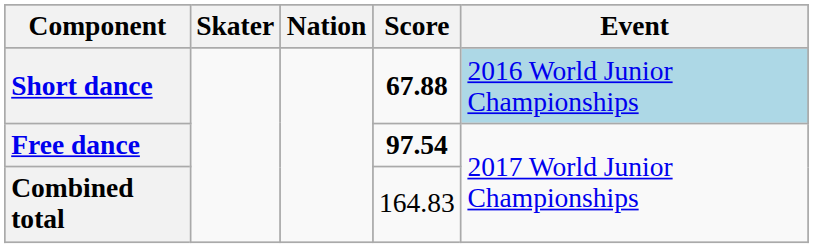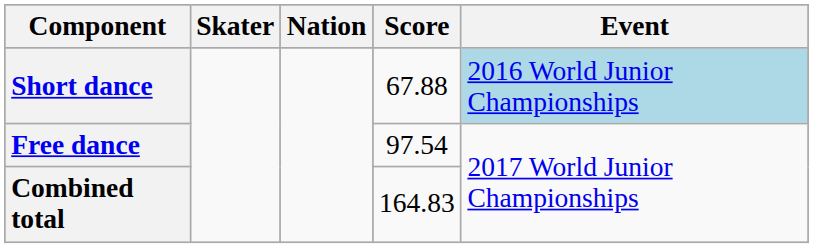 <table class="wikitable unsortable" style="text-align:left; width:75%">
 <tr>
 <th scope="col">Component</th>
 <th scope="col">Skater</th>
 <th scope="col">Nation</th>
 <th scope="col">Score</th>
 <th scope="col">Event</th>
 </tr>
 <tr>
 <th scope="row" style="text-align:left"><a href='#'>Short dance</a></th>
 <td rowspan="3"></td>
 <td rowspan="3"></td>
-<td style="text-align:center"><strong>67.88</strong></td>
+<td style="text-align:center">67.88</td>
 <td style="background: lightblue;"><a href='#'>2016 World Junior Championships</a></td>
 </tr>
 <tr>
 <th scope="row" style="text-align:left"><a href='#'>Free dance</a></th>
-<td style="text-align:center"><strong>97.54</strong></td>
+<td style="text-align:center">97.54</td>
 <td rowspan="2"><a href='#'>2017 World Junior Championships</a></td>
 </tr>
 <tr>
 <th scope="row" style="text-align:left">Combined total</th>
 <td style="text-align:center">164.83</td>
 </tr>
 </table>
